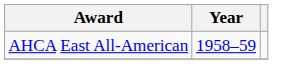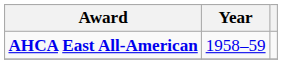 <table class="wikitable">
 <tr>
 <th>Award</th>
 <th>Year</th>
 <th></th>
 </tr>
 <tr>
-<td><a href='#'>AHCA</a> <a href='#'>East All-American</a></td>
+<td><strong><a href='#'>AHCA</a> <a href='#'>East All-American</a></strong></td>
 <td><a href='#'>1958–59</a></td>
 <td></td>
 </tr>
 <tr>
 </tr>
 </table>
